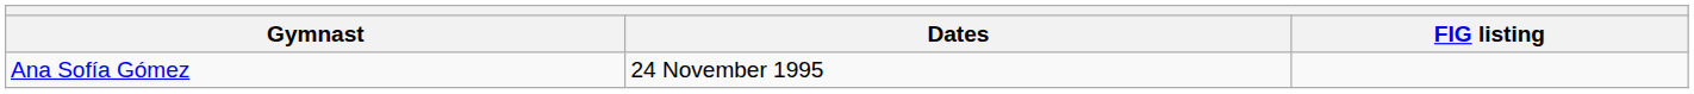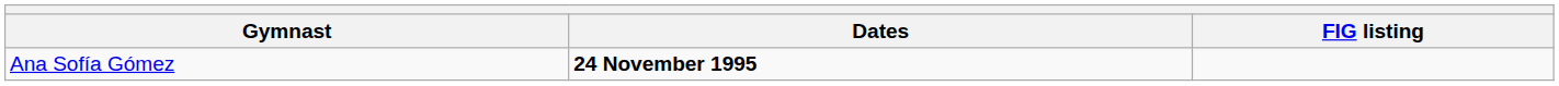 <table class="wikitable mw-collapsible mw-collapsed" width="75%">
 <tr>
 <th colspan="3"></th>
 </tr>
 <tr>
 <th>Gymnast</th>
 <th>Dates</th>
 <th><a href='#'>FIG</a> listing</th>
 </tr>
 <tr>
 <td><a href='#'>Ana Sofía Gómez</a></td>
-<td>24 November 1995</td>
+<td><strong>24 November 1995</strong></td>
 <td></td>
 </tr>
 </table>
